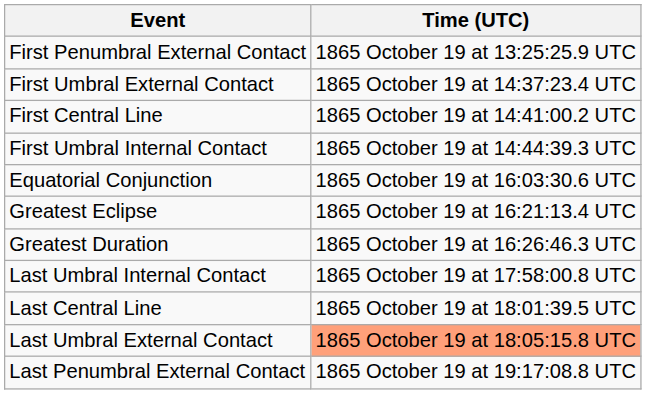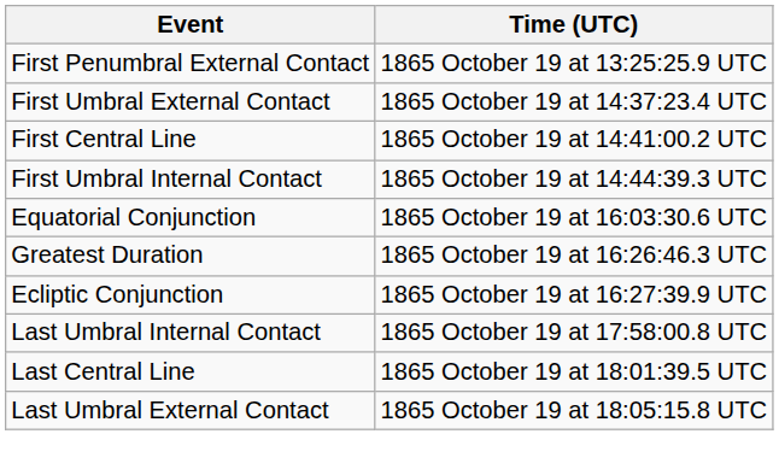 <table class="wikitable">
 <tr>
 <th>Event</th>
 <th>Time (UTC)</th>
 </tr>
 <tr>
 <td>First Penumbral External Contact</td>
 <td>1865 October 19 at 13:25:25.9 UTC</td>
 </tr>
 <tr>
 <td>First Umbral External Contact</td>
 <td>1865 October 19 at 14:37:23.4 UTC</td>
 </tr>
 <tr>
 <td>First Central Line</td>
 <td>1865 October 19 at 14:41:00.2 UTC</td>
 </tr>
 <tr>
 <td>First Umbral Internal Contact</td>
 <td>1865 October 19 at 14:44:39.3 UTC</td>
 </tr>
 <tr>
 <td>Equatorial Conjunction</td>
 <td>1865 October 19 at 16:03:30.6 UTC</td>
 </tr>
 <tr>
-<td>Greatest Eclipse</td>
-<td>1865 October 19 at 16:21:13.4 UTC</td>
+<td>Greatest Duration</td>
+<td>1865 October 19 at 16:26:46.3 UTC</td>
 </tr>
 <tr>
-<td>Greatest Duration</td>
-<td>1865 October 19 at 16:26:46.3 UTC</td>
+<td>Ecliptic Conjunction</td>
+<td>1865 October 19 at 16:27:39.9 UTC</td>
 </tr>
 <tr>
 <td>Last Umbral Internal Contact</td>
 <td>1865 October 19 at 17:58:00.8 UTC</td>
 </tr>
 <tr>
 <td>Last Central Line</td>
 <td>1865 October 19 at 18:01:39.5 UTC</td>
 </tr>
 <tr>
 <td>Last Umbral External Contact</td>
-<td style="background: lightsalmon;">1865 October 19 at 18:05:15.8 UTC</td>
-</tr>
-<tr>
-<td>Last Penumbral External Contact</td>
-<td>1865 October 19 at 19:17:08.8 UTC</td>
+<td>1865 October 19 at 18:05:15.8 UTC</td>
 </tr>
 </table>
